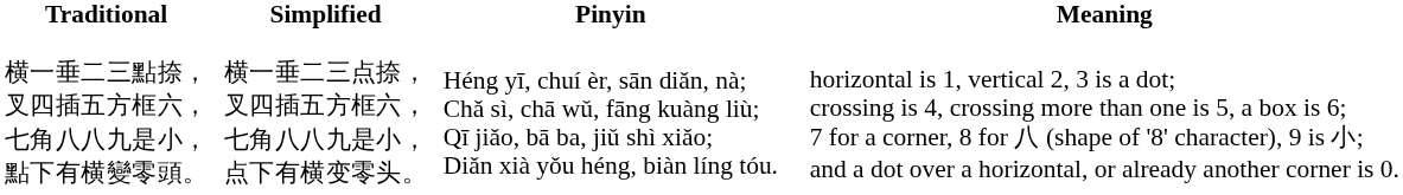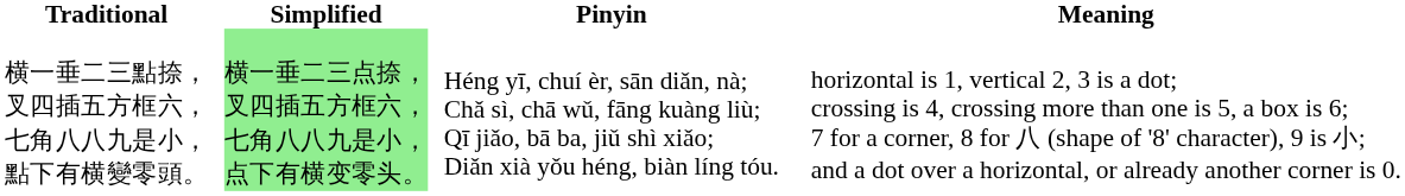 <table border="0" cellspacing="0" cellpadding="0" style="margin:0.5em;margin-left:2em">
 <tr>
 <th>Traditional</th>
 <td rowspan="2" width="10"> </td>
 <th>Simplified</th>
 <td rowspan="2" width="10"> </td>
 <th>Pinyin</th>
 <td rowspan="2" width="20"> </td>
 <th>Meaning</th>
 </tr>
 <tr>
 <td><br>横一垂二三點捺，<br> 叉四插五方框六，<br> 七角八八九是小，<br> 點下有横變零頭。</td>
-<td><br>横一垂二三点捺，<br> 叉四插五方框六，<br> 七角八八九是小，<br> 点下有横变零头。</td>
+<td style="background: lightgreen;"><br>横一垂二三点捺，<br> 叉四插五方框六，<br> 七角八八九是小，<br> 点下有横变零头。</td>
 <td><br>Héng yī, chuí èr, sān diǎn, nà;<br> Chǎ sì, chā wǔ, fāng kuàng liù;<br> Qī jiǎo, bā ba, jiǔ shì xiǎo;<br> Diǎn xià yǒu héng, biàn líng tóu.</td>
 <td><br>horizontal is 1, vertical 2, 3 is a dot;<br> crossing is 4, crossing more than one is 5, a box is 6;<br> 7 for a corner, 8 for 八 (shape of '8' character), 9 is 小;<br> and a dot over a horizontal, or already another corner is 0.</td>
 </tr>
 </table>
